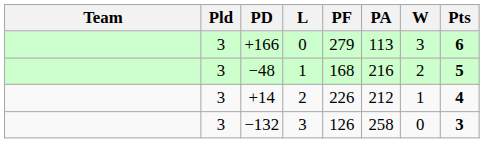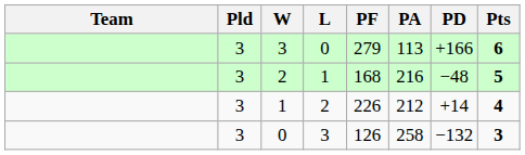 <table class=wikitable style="text-align:center">
 <tr>
 <th width=180>Team</th>
 <th width=30>Pld</th>
-<th width=30>PD</th>
+<th width=30>W</th>
 <th width=30>L</th>
 <th width=30>PF</th>
 <th width=30>PA</th>
-<th width=30>W</th>
+<th width=30>PD</th>
 <th width=30>Pts</th>
 </tr>
 <tr align=center bgcolor="#ccffcc">
 <td align=left></td>
 <td>3</td>
-<td>+166</td>
+<td>3</td>
 <td>0</td>
 <td>279</td>
 <td>113</td>
-<td>3</td>
+<td>+166</td>
 <td><strong>6</strong></td>
 </tr>
 <tr align=center bgcolor="#ccffcc">
 <td align=left></td>
 <td>3</td>
-<td>−48</td>
+<td>2</td>
 <td>1</td>
 <td>168</td>
 <td>216</td>
-<td>2</td>
+<td>−48</td>
 <td><strong>5</strong></td>
 </tr>
 <tr align=center>
 <td align=left></td>
 <td>3</td>
-<td>+14</td>
+<td>1</td>
 <td>2</td>
 <td>226</td>
 <td>212</td>
-<td>1</td>
+<td>+14</td>
 <td><strong>4</strong></td>
 </tr>
 <tr align=center>
 <td align=left></td>
 <td>3</td>
-<td>−132</td>
+<td>0</td>
 <td>3</td>
 <td>126</td>
 <td>258</td>
-<td>0</td>
+<td>−132</td>
 <td><strong>3</strong></td>
 </tr>
 </table>
